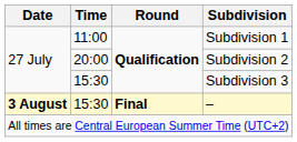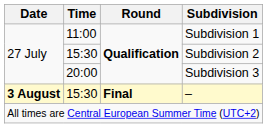 <table class="wikitable">
 <tr>
 <th>Date</th>
 <th>Time</th>
 <th>Round</th>
 <th>Subdivision</th>
 </tr>
 <tr>
 <td rowspan=3>27 July</td>
 <td>11:00</td>
 <td rowspan=3><strong>Qualification</strong></td>
 <td>Subdivision 1</td>
 </tr>
 <tr>
-<td>20:00</td>
+<td>15:30</td>
 <td>Subdivision 2</td>
 </tr>
 <tr>
-<td>15:30</td>
+<td>20:00</td>
 <td>Subdivision 3</td>
 </tr>
 <tr style=background:lemonchiffon>
 <td><strong>3 August</strong></td>
 <td>15:30</td>
 <td><strong>Final</strong></td>
 <td>–</td>
 </tr>
 <tr>
 <td colspan=4 align=center><small>All times are <a href='#'>Central European Summer Time</a> (<a href='#'>UTC+2</a>)</small></td>
 </tr>
 </table>
